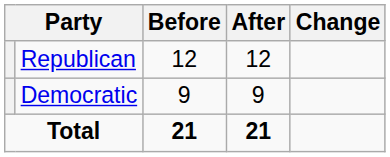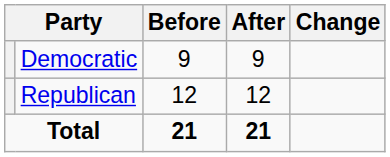 <table class="wikitable" style="text-align:center;">
 <tr>
 <th colspan="2">Party</th>
 <th>Before</th>
 <th>After</th>
 <th>Change</th>
 </tr>
 <tr>
 <th style="background-color:"></th>
-<td style="text-align:left;"><a href='#'>Republican</a></td>
-<td>12</td>
-<td>12</td>
+<td style="text-align:left;"><a href='#'>Democratic</a></td>
+<td>9</td>
+<td>9</td>
 <td></td>
 </tr>
 <tr>
 <th style="background-color:"></th>
-<td style="text-align:left;"><a href='#'>Democratic</a></td>
-<td>9</td>
-<td>9</td>
+<td style="text-align:left;"><a href='#'>Republican</a></td>
+<td>12</td>
+<td>12</td>
 <td></td>
 </tr>
 <tr>
 <td colspan="2"><strong>Total</strong></td>
 <td><strong>21</strong></td>
 <td><strong>21</strong></td>
 <td></td>
 </tr>
 </table>
